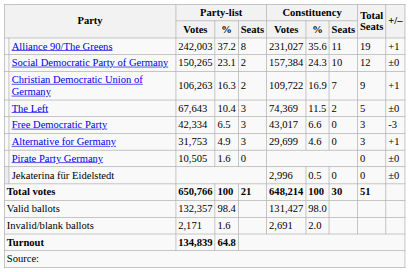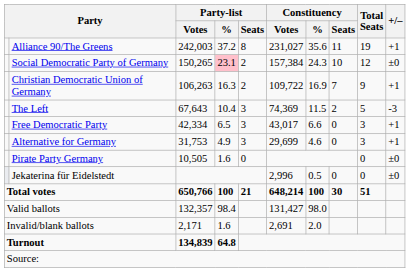 <table class="wikitable">
 <tr>
 <th colspan="2" rowspan="2">Party</th>
 <th colspan="3"><strong>Party-list</strong></th>
 <th colspan="3"><strong>Constituency</strong></th>
 <th rowspan="2">Total<br>Seats</th>
 <th rowspan="2">+/–</th>
 </tr>
 <tr>
 <th>Votes</th>
 <th>%</th>
 <th>Seats</th>
 <th>Votes</th>
 <th>%</th>
 <th>Seats</th>
 </tr>
 <tr>
 <td></td>
 <td><a href='#'>Alliance 90/The Greens</a></td>
 <td>242,003</td>
 <td>37.2</td>
 <td>8</td>
 <td>231,027</td>
 <td>35.6</td>
 <td>11</td>
 <td>19</td>
 <td>+1</td>
 </tr>
 <tr>
 <td></td>
 <td><a href='#'>Social Democratic Party of Germany</a></td>
 <td>150,265</td>
-<td>23.1</td>
+<td style="background: pink;">23.1</td>
 <td>2</td>
 <td>157,384</td>
 <td>24.3</td>
 <td>10</td>
 <td>12</td>
 <td>±0</td>
 </tr>
 <tr>
 <td></td>
 <td><a href='#'>Christian Democratic Union of Germany</a></td>
 <td>106,263</td>
 <td>16.3</td>
 <td>2</td>
 <td>109,722</td>
 <td>16.9</td>
 <td>7</td>
 <td>9</td>
 <td>+1</td>
 </tr>
 <tr>
 <td></td>
 <td><a href='#'>The Left</a></td>
 <td>67,643</td>
 <td>10.4</td>
 <td>3</td>
 <td>74,369</td>
 <td>11.5</td>
 <td>2</td>
 <td>5</td>
-<td>±0</td>
+<td>-3</td>
 </tr>
 <tr>
 <td></td>
 <td><a href='#'>Free Democratic Party</a></td>
 <td>42,334</td>
 <td>6.5</td>
 <td>3</td>
 <td>43,017</td>
 <td>6.6</td>
 <td>0</td>
 <td>3</td>
-<td>-3</td>
+<td>+1</td>
 </tr>
 <tr>
 <td></td>
 <td><a href='#'>Alternative for Germany</a></td>
 <td>31,753</td>
 <td>4.9</td>
 <td>3</td>
 <td>29,699</td>
 <td>4.6</td>
 <td>0</td>
 <td>3</td>
 <td>+1</td>
 </tr>
 <tr>
 <td></td>
 <td><a href='#'>Pirate Party Germany</a></td>
 <td>10,505</td>
 <td>1.6</td>
 <td>0</td>
 <td colspan="3"></td>
 <td>0</td>
 <td>±0</td>
 </tr>
 <tr>
 <td bgcolor="#EAECF0"></td>
 <td>Jekaterina für Eidelstedt</td>
 <td colspan="3"></td>
 <td>2,996</td>
 <td>0.5</td>
 <td>0</td>
 <td>0</td>
 <td>±0</td>
 </tr>
 <tr>
 <td colspan="2"><strong>Total votes</strong></td>
 <td><strong>650,766</strong></td>
 <td><strong>100</strong></td>
 <td><strong>21</strong></td>
 <td><strong>648,214</strong></td>
 <td><strong>100</strong></td>
 <td><strong>30</strong></td>
 <td><strong>51</strong></td>
 <td></td>
 </tr>
 <tr>
 <td colspan="2">Valid ballots</td>
 <td>132,357</td>
 <td>98.4</td>
 <td></td>
 <td>131,427</td>
 <td>98.0</td>
 <td></td>
 <td></td>
 <td></td>
 </tr>
 <tr>
 <td colspan="2">Invalid/blank ballots</td>
 <td>2,171</td>
 <td>1.6</td>
 <td></td>
 <td>2,691</td>
 <td>2.0</td>
 <td></td>
 <td></td>
 <td></td>
 </tr>
 <tr>
 <td colspan="2"><strong>Turnout</strong></td>
 <td><strong>134,839</strong></td>
 <td><strong>64.8</strong></td>
 <td colspan="6"></td>
 </tr>
 <tr>
 <td colspan="10">Source: </td>
 </tr>
 </table>
